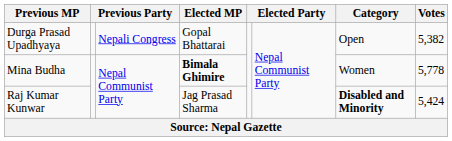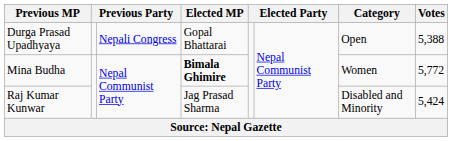 <table class="wikitable">
 <tr>
 <th>Previous MP</th>
 <th colspan="2">Previous Party</th>
 <th>Elected MP</th>
 <th colspan="2">Elected Party</th>
 <th>Category</th>
 <th>Votes</th>
 </tr>
 <tr>
 <td>Durga Prasad Upadhyaya</td>
 <td></td>
 <td><a href='#'>Nepali Congress</a></td>
 <td>Gopal Bhattarai</td>
 <td rowspan="3"></td>
 <td rowspan="3"><a href='#'>Nepal Communist Party</a></td>
 <td>Open</td>
-<td>5,382</td>
+<td>5,388</td>
 </tr>
 <tr>
 <td>Mina Budha</td>
 <td rowspan="2"></td>
 <td rowspan="2"><a href='#'>Nepal Communist Party</a></td>
 <td><strong>Bimala Ghimire</strong></td>
 <td>Women</td>
-<td>5,778</td>
+<td>5,772</td>
 </tr>
 <tr>
 <td>Raj Kumar Kunwar</td>
 <td>Jag Prasad Sharma</td>
-<td><strong>Disabled and Minority</strong></td>
+<td>Disabled and Minority</td>
 <td>5,424</td>
 </tr>
 <tr>
 <th colspan="8">Source: Nepal Gazette</th>
 </tr>
 </table>
